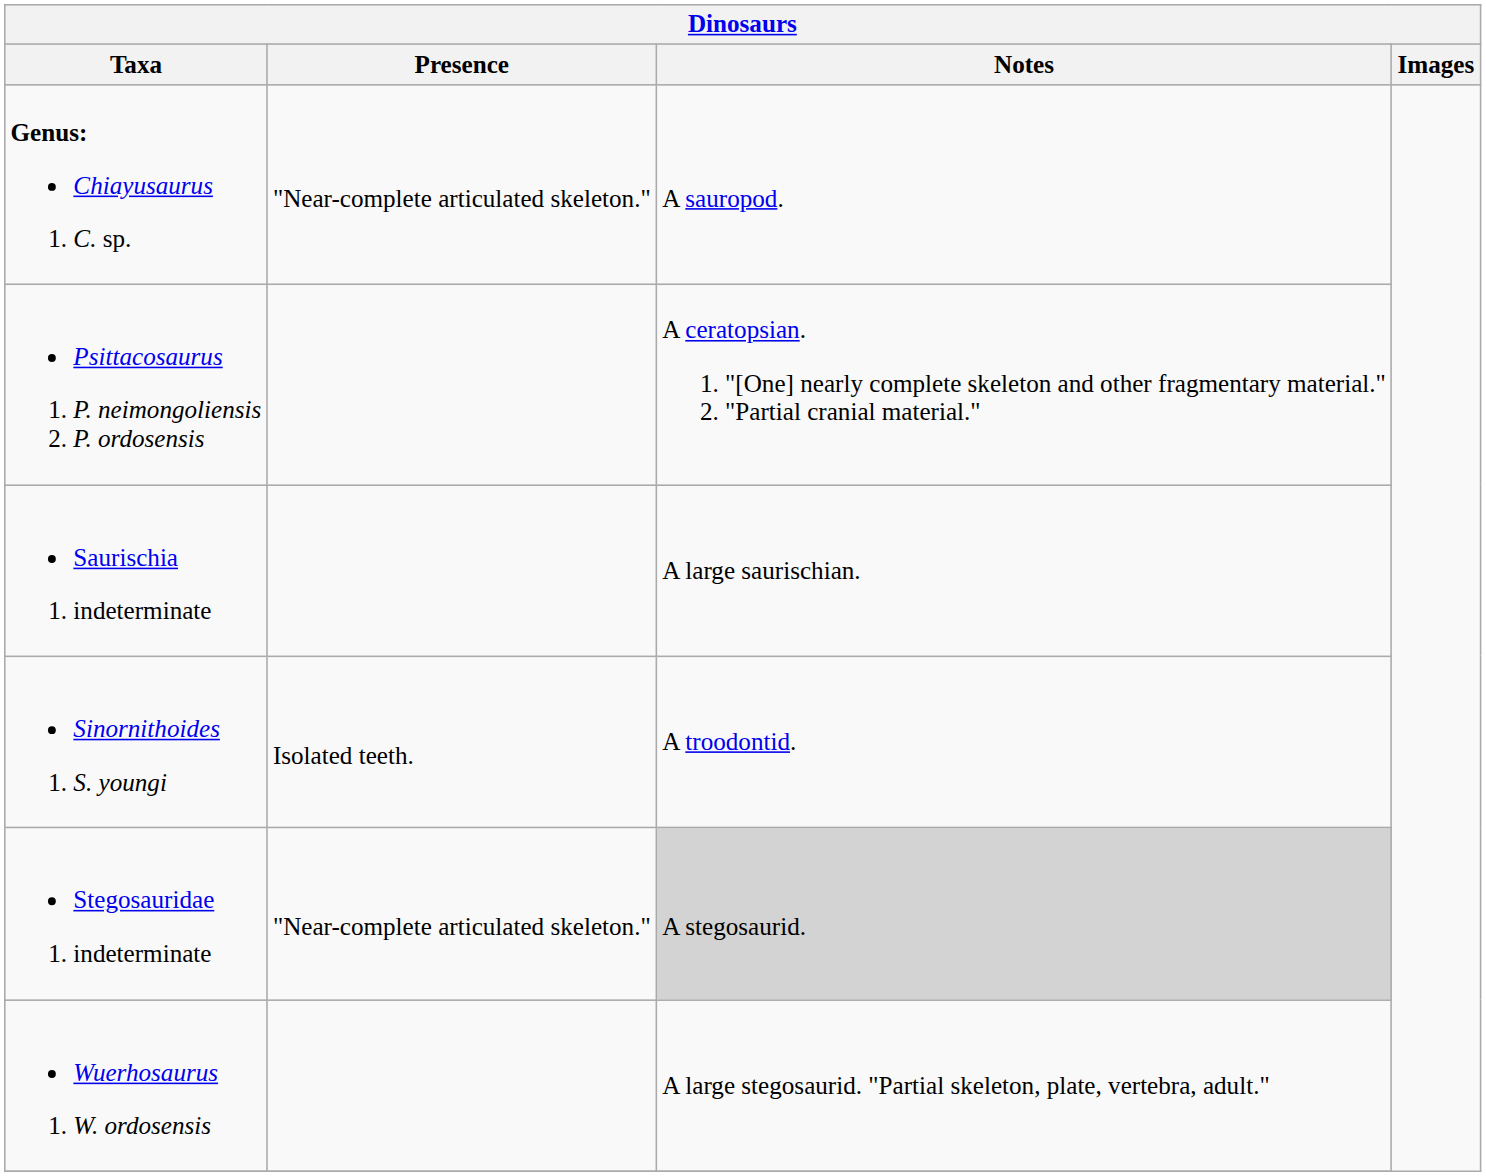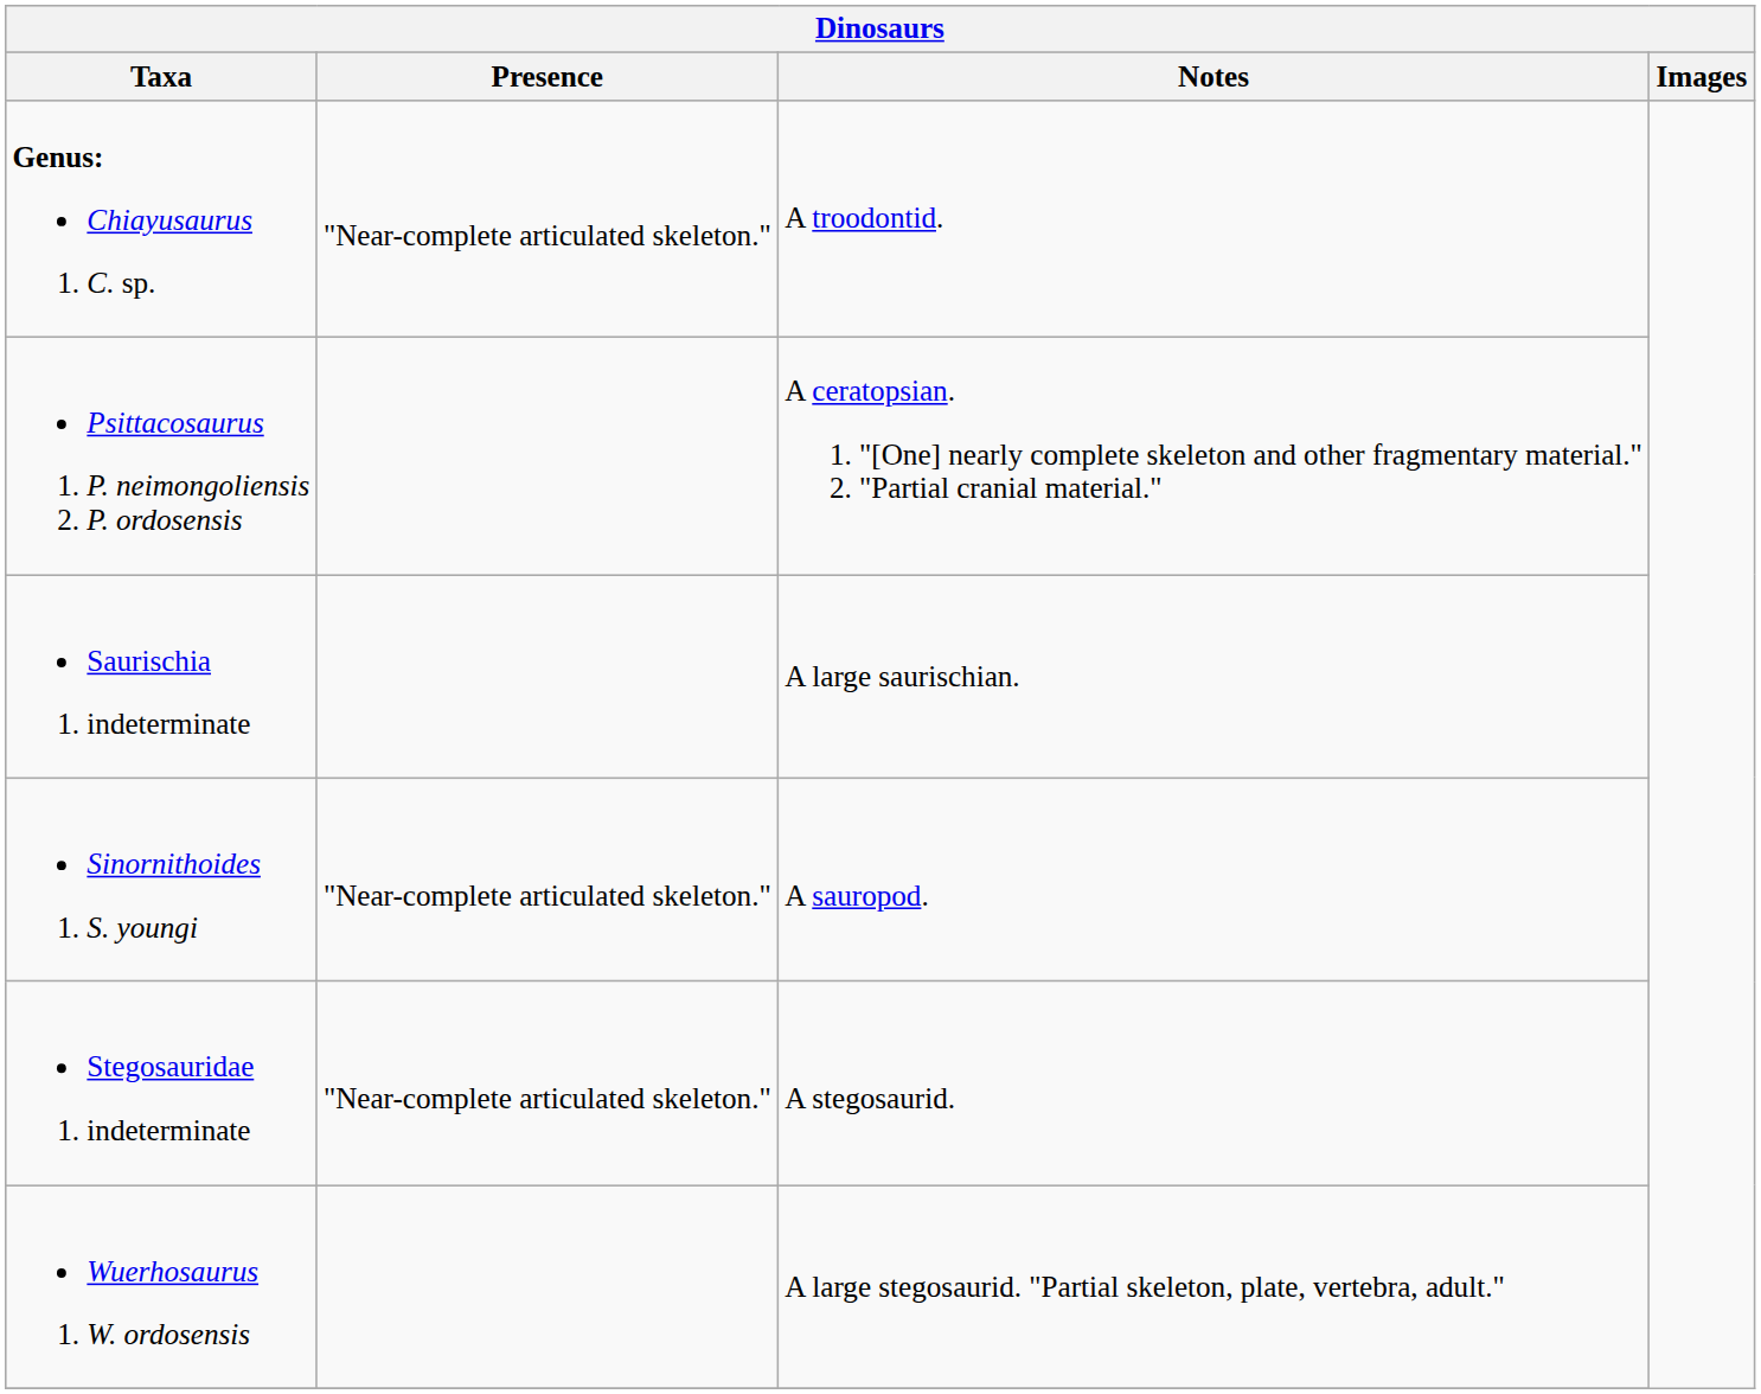 <table class="wikitable" align="center">
 <tr>
 <th colspan="5" align="center"><strong><a href='#'>Dinosaurs</a></strong></th>
 </tr>
 <tr>
 <th>Taxa</th>
 <th>Presence</th>
 <th>Notes</th>
 <th>Images</th>
 </tr>
 <tr>
 <td><br><strong>Genus:</strong><ul><li><em><a href='#'>Chiayusaurus</a></em></li></ul><ol><li><em>C.</em> sp.</li></ol></td>
 <td><br>"Near-complete articulated skeleton."</td>
-<td><br>A <a href='#'>sauropod</a>.</td>
+<td>A <a href='#'>troodontid</a>.</td>
 <td rowspan="99"><br> </td>
 </tr>
 <tr>
 <td><br><ul><li><em><a href='#'>Psittacosaurus</a></em></li></ul><ol><li><em>P. neimongoliensis</em></li><li><em>P. ordosensis</em></li></ol></td>
 <td></td>
 <td>A <a href='#'>ceratopsian</a>.<br><ol><li>"[One] nearly complete skeleton and other fragmentary material."</li><li>"Partial cranial material."</li></ol></td>
 </tr>
 <tr>
 <td><br><ul><li><a href='#'>Saurischia</a></li></ul><ol><li>indeterminate</li></ol></td>
 <td></td>
 <td>A large saurischian.</td>
 </tr>
 <tr>
 <td><br><ul><li><em><a href='#'>Sinornithoides</a></em></li></ul><ol><li><em>S. youngi</em></li></ol></td>
-<td><br>Isolated teeth.</td>
-<td>A <a href='#'>troodontid</a>.</td>
+<td><br>"Near-complete articulated skeleton."</td>
+<td><br>A <a href='#'>sauropod</a>.</td>
 </tr>
 <tr>
 <td><br><ul><li><a href='#'>Stegosauridae</a></li></ul><ol><li>indeterminate</li></ol></td>
 <td><br>"Near-complete articulated skeleton."</td>
-<td style="background: lightgrey;"><br>A stegosaurid.</td>
+<td><br>A stegosaurid.</td>
 </tr>
 <tr>
 <td><br><ul><li><em><a href='#'>Wuerhosaurus</a></em></li></ul><ol><li><em>W. ordosensis</em></li></ol></td>
 <td></td>
 <td>A large stegosaurid. "Partial skeleton, plate, vertebra, adult."</td>
 </tr>
 <tr>
 </tr>
 </table>
